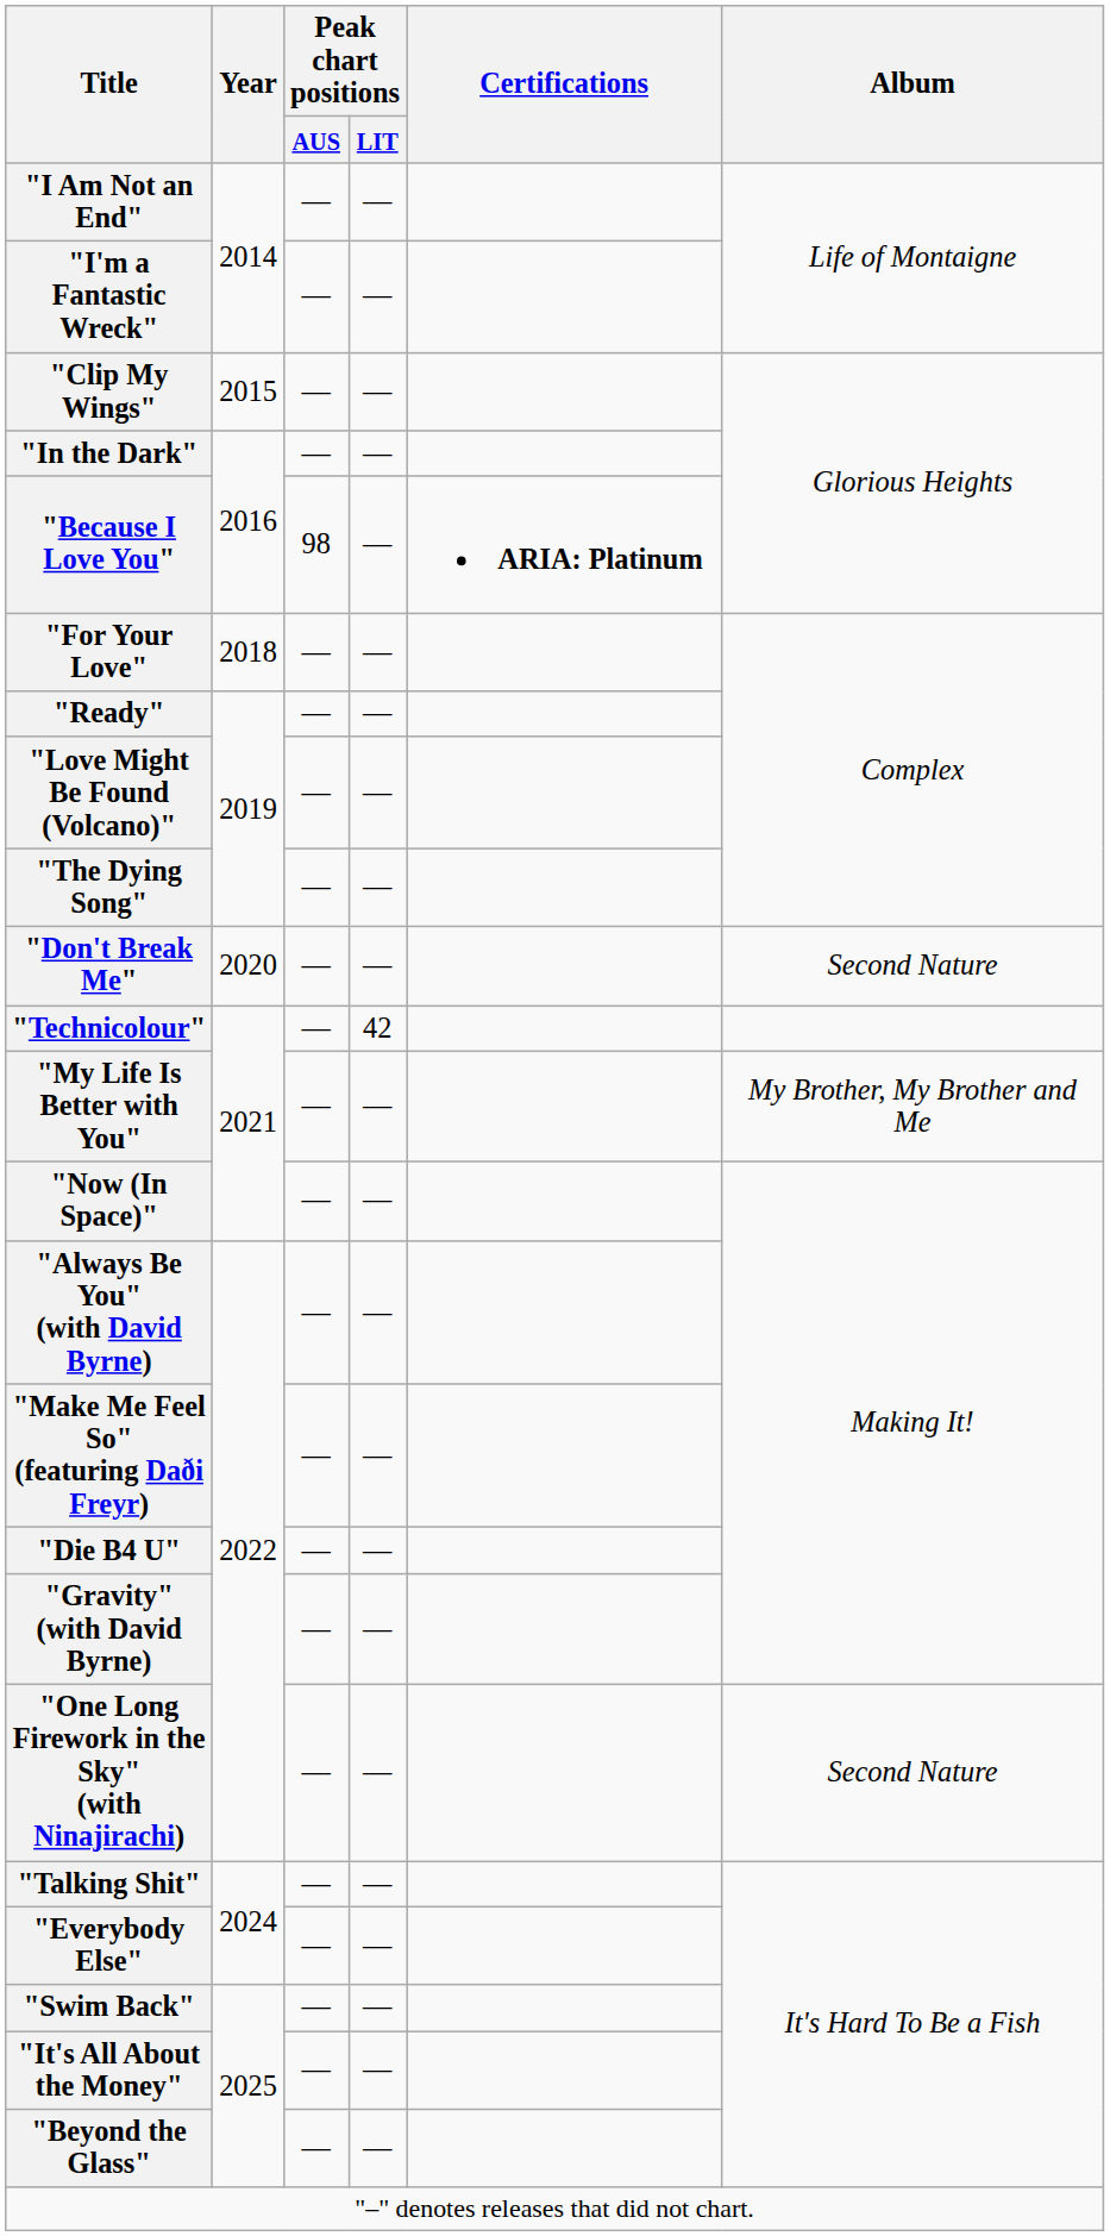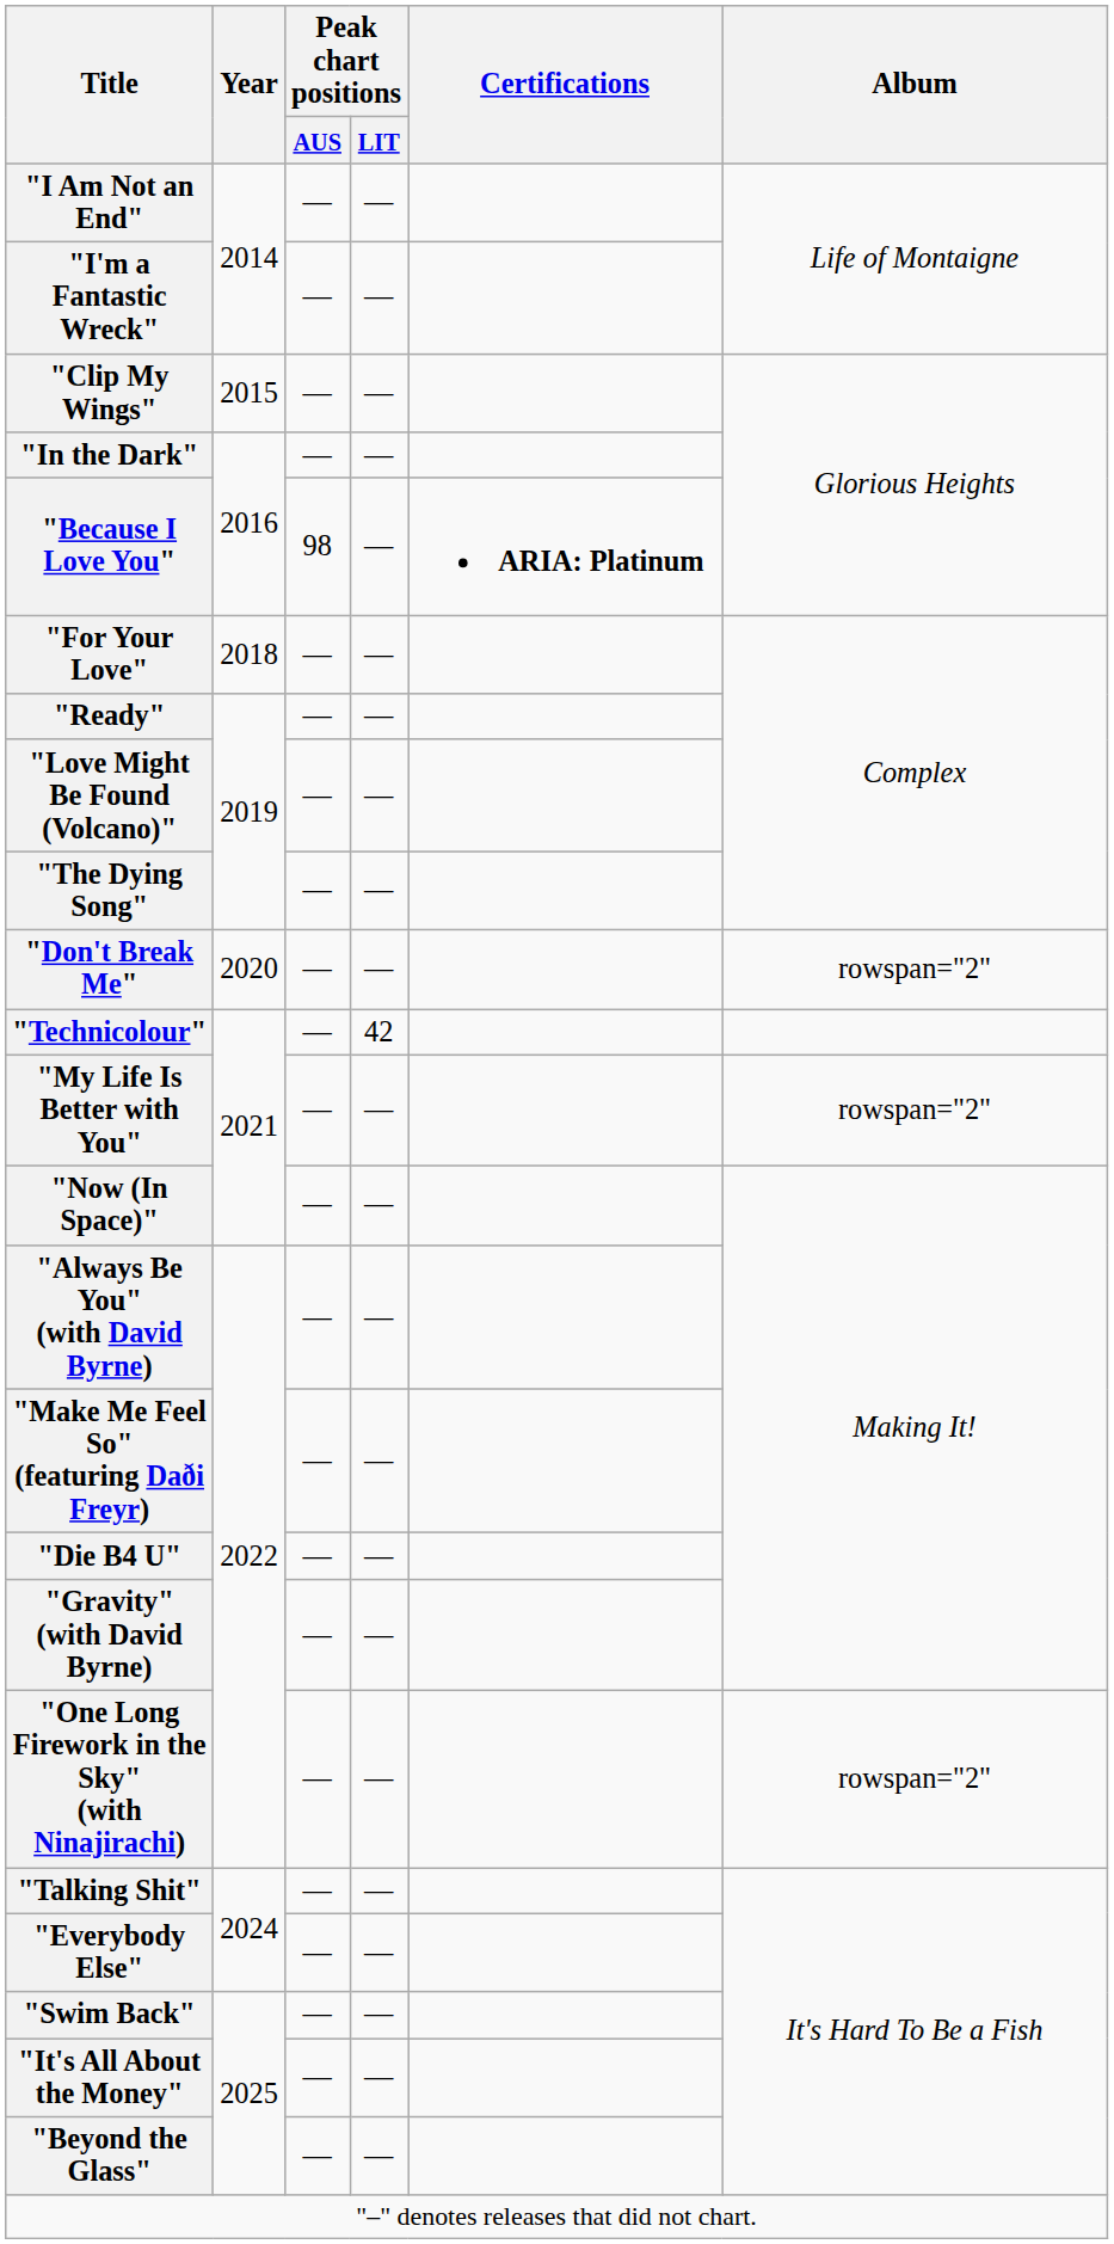 <table class="wikitable plainrowheaders" style="text-align:center">
 <tr>
 <th scope="col" rowspan="2">Title</th>
 <th scope="col" rowspan="2">Year</th>
 <th scope="col" colspan="2">Peak<br>chart<br>positions</th>
 <th scope="col" rowspan="2" style="width:12em;"><a href='#'>Certifications</a></th>
 <th scope="col" rowspan="2" style="width:16em;">Album</th>
 </tr>
 <tr>
 <th scope="col" style="text-align:center;"><small><a href='#'>AUS</a><br></small></th>
 <th scope="col" style="text-align:center;"><small><a href='#'>LIT</a><br></small></th>
 </tr>
 <tr>
 <th scope="row">"I Am Not an End"</th>
 <td rowspan="2">2014</td>
 <td>—</td>
 <td>—</td>
 <td></td>
 <td rowspan="2"><em>Life of Montaigne</em></td>
 </tr>
 <tr>
 <th scope="row">"I'm a Fantastic Wreck"</th>
 <td>—</td>
 <td>—</td>
 <td></td>
 </tr>
 <tr>
 <th scope="row">"Clip My Wings"</th>
 <td>2015</td>
 <td>—</td>
 <td>—</td>
 <td></td>
 <td rowspan="3"><em>Glorious Heights</em></td>
 </tr>
 <tr>
 <th scope="row">"In the Dark"</th>
 <td rowspan="2">2016</td>
 <td>—</td>
 <td>—</td>
 <td></td>
 </tr>
 <tr>
 <th scope="row">"<a href='#'>Because I Love You</a>"</th>
 <td>98</td>
 <td>—</td>
 <td><strong><br><ul><li>ARIA: Platinum</li></ul></strong></td>
 </tr>
 <tr>
 <th scope="row">"For Your Love"</th>
 <td>2018</td>
 <td>—</td>
 <td>—</td>
 <td></td>
 <td rowspan="4"><em>Complex</em></td>
 </tr>
 <tr>
 <th scope="row">"Ready"</th>
 <td rowspan="3">2019</td>
 <td>—</td>
 <td>—</td>
 <td></td>
 </tr>
 <tr>
 <th scope="row">"Love Might Be Found (Volcano)"</th>
 <td>—</td>
 <td>—</td>
 <td></td>
 </tr>
 <tr>
 <th scope="row">"The Dying Song"</th>
 <td>—</td>
 <td>—</td>
 <td></td>
 </tr>
 <tr>
 <th scope="row">"<a href='#'>Don't Break Me</a>"</th>
 <td>2020</td>
 <td>—</td>
 <td>—</td>
 <td></td>
-<td><em>Second Nature</em></td>
+<td>rowspan="2" </td>
 </tr>
 <tr>
 <th scope="row">"<a href='#'>Technicolour</a>"</th>
 <td rowspan="3">2021</td>
 <td>—</td>
 <td>42</td>
 <td></td>
 </tr>
 <tr>
 <th scope="row">"My Life Is Better with You"</th>
 <td>—</td>
 <td>—</td>
 <td></td>
-<td><em>My Brother, My Brother and Me</em></td>
+<td>rowspan="2" </td>
 </tr>
 <tr>
 <th scope="row">"Now (In Space)"</th>
 <td>—</td>
 <td>—</td>
 <td></td>
 <td rowspan="5"><em>Making It!</em></td>
 </tr>
 <tr>
 <th scope="row">"Always Be You" <br>(with <a href='#'>David Byrne</a>)</th>
 <td rowspan="5">2022</td>
 <td>—</td>
 <td>—</td>
 <td></td>
 </tr>
 <tr>
 <th scope="row">"Make Me Feel So" <br>(featuring <a href='#'>Daði Freyr</a>)</th>
 <td>—</td>
 <td>—</td>
 <td></td>
 </tr>
 <tr>
 <th scope="row">"Die B4 U"</th>
 <td>—</td>
 <td>—</td>
 <td></td>
 </tr>
 <tr>
 <th scope="row">"Gravity"<br>(with David Byrne)</th>
 <td>—</td>
 <td>—</td>
 <td></td>
 </tr>
 <tr>
 <th scope="row">"One Long Firework in the Sky"<br>(with <a href='#'>Ninajirachi</a>)</th>
 <td>—</td>
 <td>—</td>
 <td></td>
-<td><em>Second Nature</em></td>
+<td>rowspan="2" </td>
 </tr>
 <tr>
 <th scope="row">"Talking Shit"</th>
 <td rowspan="2">2024</td>
 <td>—</td>
 <td>—</td>
 <td></td>
 <td rowspan="5"><em>It's Hard To Be a Fish</em></td>
 </tr>
 <tr>
 <th scope="row">"Everybody Else"</th>
 <td>—</td>
 <td>—</td>
 <td></td>
 </tr>
 <tr>
 <th scope="row">"Swim Back"</th>
 <td rowspan="3">2025</td>
 <td>—</td>
 <td>—</td>
 <td></td>
 </tr>
 <tr>
 <th scope="row">"It's All About the Money"</th>
 <td>—</td>
 <td>—</td>
 <td></td>
 </tr>
 <tr>
 <th scope="row">"Beyond the Glass"</th>
 <td>—</td>
 <td>—</td>
 <td></td>
 </tr>
 <tr>
 <td colspan="7" align="center" style="font-size:90%">"–" denotes releases that did not chart.</td>
 </tr>
 </table>
